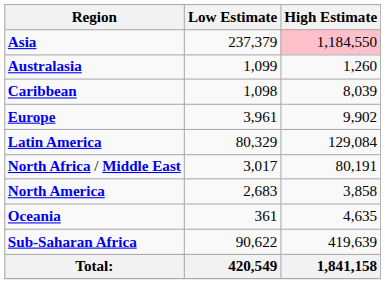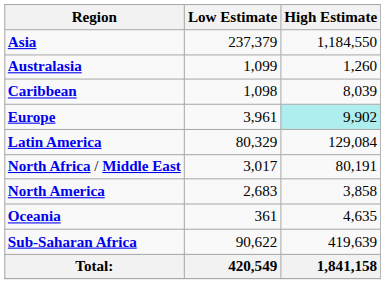 <table class="wikitable sortable" style="width:auto; float:right; clear:right; margin:0 0 0.5em 1em; text-align:right; font-size: 90%;">
 <tr>
 <th>Region</th>
 <th>Low Estimate</th>
 <th>High Estimate</th>
 </tr>
 <tr>
 <td align="left"><strong><a href='#'>Asia</a></strong></td>
 <td>237,379</td>
-<td style="background: pink;">1,184,550</td>
+<td>1,184,550</td>
 </tr>
 <tr>
 <td align="left"><strong><a href='#'>Australasia</a></strong></td>
 <td>1,099</td>
 <td>1,260</td>
 </tr>
 <tr>
 <td align="left"><strong><a href='#'>Caribbean</a></strong></td>
 <td>1,098</td>
 <td>8,039</td>
 </tr>
 <tr>
 <td align="left"><strong><a href='#'>Europe</a></strong></td>
 <td>3,961</td>
-<td>9,902</td>
+<td style="background: paleturquoise;">9,902</td>
 </tr>
 <tr>
 <td align="left"><strong><a href='#'>Latin America</a></strong></td>
 <td>80,329</td>
 <td>129,084</td>
 </tr>
 <tr>
 <td align="left"><strong><a href='#'>North Africa</a></strong> / <strong><a href='#'>Middle East</a></strong></td>
 <td>3,017</td>
 <td>80,191</td>
 </tr>
 <tr>
 <td align="left"><strong><a href='#'>North America</a></strong></td>
 <td>2,683</td>
 <td>3,858</td>
 </tr>
 <tr>
 <td align="left"><strong><a href='#'>Oceania</a></strong></td>
 <td>361</td>
 <td>4,635</td>
 </tr>
 <tr>
 <td align="left"><strong><a href='#'>Sub-Saharan Africa</a></strong></td>
 <td>90,622</td>
 <td>419,639</td>
 </tr>
 <tr>
 <th style="text-align:center" class="unsortable">Total:</th>
 <th style="text-align:right" class="unsortable">420,549</th>
 <th style="text-align:right" class="unsortable">1,841,158</th>
 </tr>
 <tr>
 </tr>
 </table>
